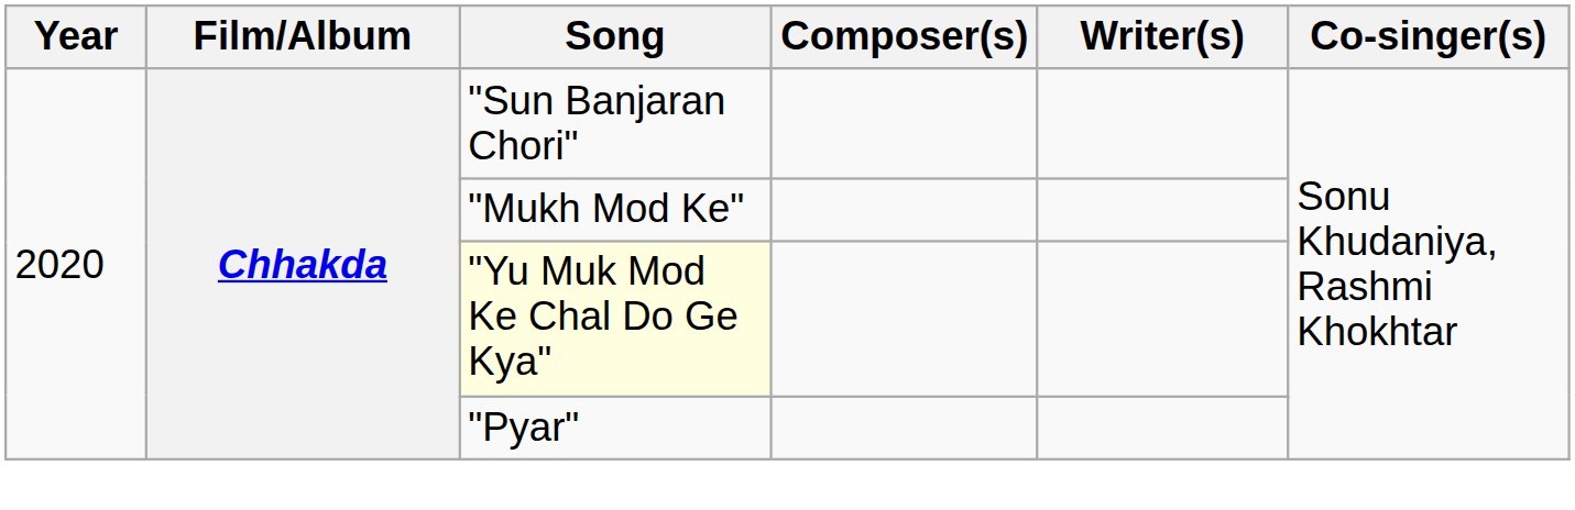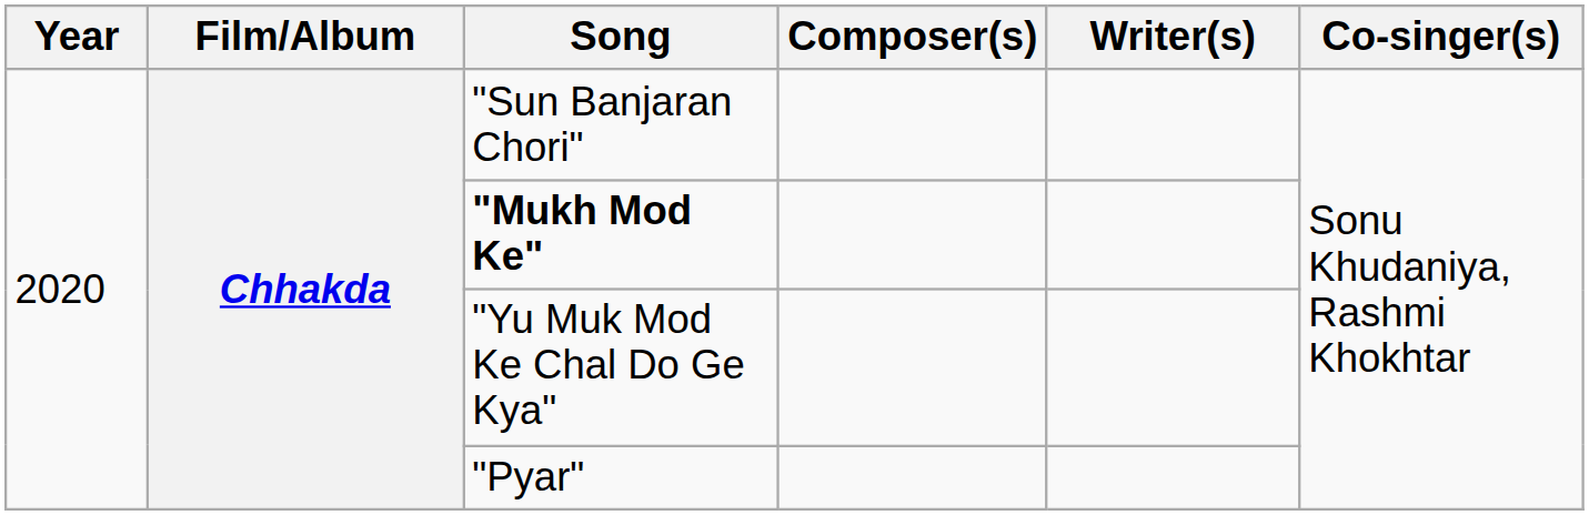 <table class="wikitable plainrowheaders" width="100%" textcolor:#000;">
 <tr>
 <th scope="col" width=9%><strong>Year</strong></th>
 <th scope="col" width=20%><strong>Film/Album</strong></th>
 <th scope="col" width=20%><strong>Song</strong></th>
 <th scope="col" width=17%><strong>Composer(s)</strong></th>
 <th scope="col" width=16%><strong>Writer(s)</strong></th>
 <th scope="col" width=18%><strong>Co-singer(s)</strong></th>
 </tr>
 <tr>
 <td rowspan="4">2020</td>
 <th rowspan="4"><em><a href='#'>Chhakda</a></em></th>
 <td>"Sun Banjaran Chori"</td>
 <td></td>
 <td></td>
 <td rowspan="4">Sonu Khudaniya, Rashmi Khokhtar</td>
 </tr>
 <tr>
-<td>"Mukh Mod Ke"</td>
+<td><strong>"Mukh Mod Ke"</strong></td>
 <td></td>
 <td></td>
 </tr>
 <tr>
-<td style="background: lightyellow;">"Yu Muk Mod Ke Chal Do Ge Kya"</td>
+<td>"Yu Muk Mod Ke Chal Do Ge Kya"</td>
 <td></td>
 <td></td>
 </tr>
 <tr>
 <td>"Pyar"</td>
 <td></td>
 <td></td>
 </tr>
 </table>
